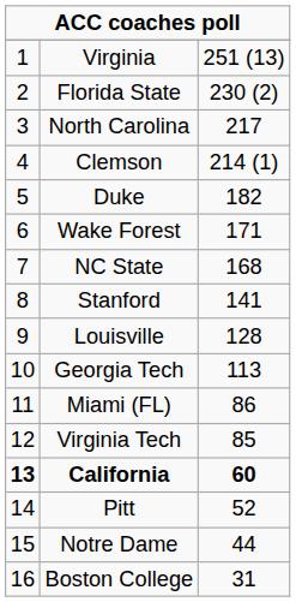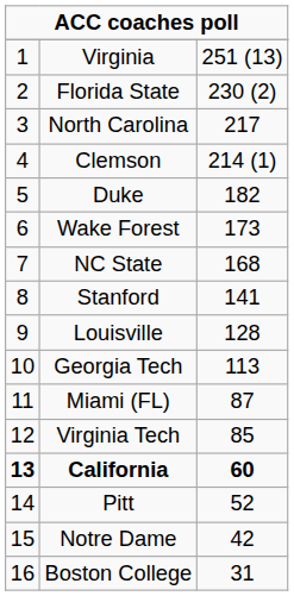 <table class="wikitable" style="display: inline-table;">
 <tr>
 <td align="center" Colspan="3"><strong>ACC coaches poll</strong></td>
 </tr>
 <tr align="center">
 </tr>
 <tr align="center">
 <td>1</td>
 <td>Virginia</td>
 <td>251 (13)</td>
 </tr>
 <tr align="center">
 <td>2</td>
 <td>Florida State</td>
 <td>230 (2)</td>
 </tr>
 <tr align="center">
 <td>3</td>
 <td>North Carolina</td>
 <td>217</td>
 </tr>
 <tr align="center">
 <td>4</td>
 <td>Clemson</td>
 <td>214 (1)</td>
 </tr>
 <tr align="center">
 <td>5</td>
 <td>Duke</td>
 <td>182</td>
 </tr>
 <tr align="center">
 <td>6</td>
 <td>Wake Forest</td>
-<td>171</td>
+<td>173</td>
 </tr>
 <tr align="center">
 <td>7</td>
 <td>NC State</td>
 <td>168</td>
 </tr>
 <tr align="center">
 <td>8</td>
 <td>Stanford</td>
 <td>141</td>
 </tr>
 <tr align="center">
 <td>9</td>
 <td>Louisville</td>
 <td>128</td>
 </tr>
 <tr align="center">
 <td>10</td>
 <td>Georgia Tech</td>
 <td>113</td>
 </tr>
 <tr align="center">
 <td>11</td>
 <td>Miami (FL)</td>
-<td>86</td>
+<td>87</td>
 </tr>
 <tr align="center">
 <td>12</td>
 <td>Virginia Tech</td>
 <td>85</td>
 </tr>
 <tr align="center">
 <td><strong>13</strong></td>
 <td><strong>California</strong></td>
 <td><strong>60</strong></td>
 </tr>
 <tr align="center">
 <td>14</td>
 <td>Pitt</td>
 <td>52</td>
 </tr>
 <tr align="center">
 <td>15</td>
 <td>Notre Dame</td>
-<td>44</td>
+<td>42</td>
 </tr>
 <tr align="center">
 <td>16</td>
 <td>Boston College</td>
 <td>31</td>
 </tr>
 </table>
